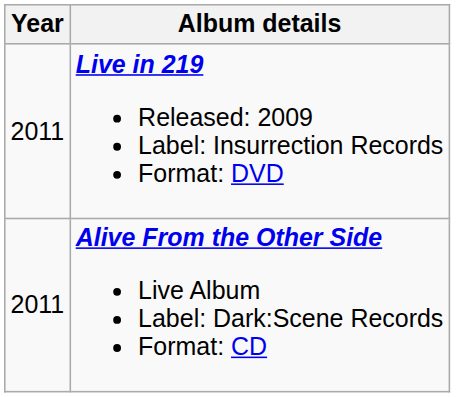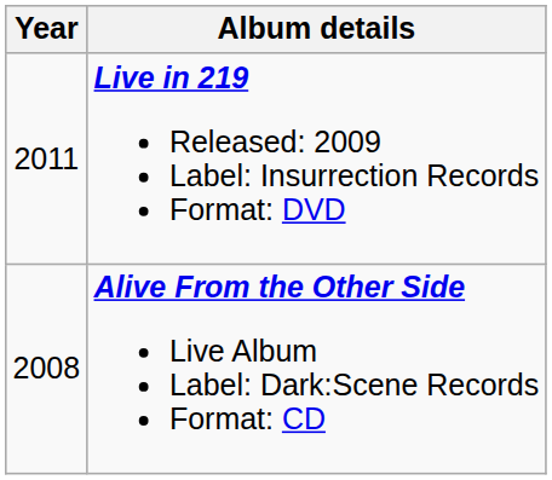 <table class ="wikitable">
 <tr>
 <th>Year</th>
 <th>Album details</th>
 </tr>
 <tr>
 <td align="center" rowspan="1">2011</td>
 <td><strong><em><a href='#'>Live in 219</a></em></strong><br><ul><li>Released: 2009</li><li>Label: Insurrection Records</li><li>Format: <a href='#'>DVD</a></li></ul></td>
 </tr>
 <tr>
-<td align="center" rowspan="1">2011</td>
+<td align="center" rowspan="1">2008</td>
 <td><strong><em><a href='#'>Alive From the Other Side</a></em></strong><br><ul><li>Live Album</li><li>Label: Dark:Scene Records</li><li>Format: <a href='#'>CD</a></li></ul></td>
 </tr>
 </table>
